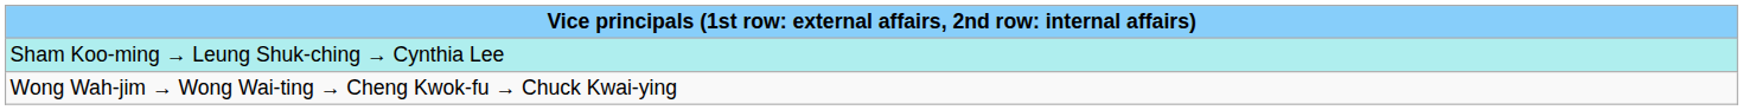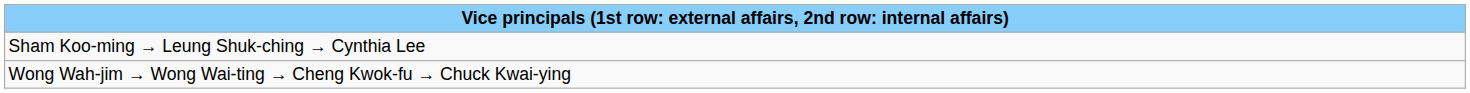 <table class="wikitable" width="67%">
 <tr style="background:#87CEFA; color:black" align=center>
 <td style="width:4%"><strong>Vice principals (1st row: external affairs, 2nd row: internal affairs)</strong></td>
 </tr>
 <tr>
-<td style="background: paleturquoise;">Sham Koo-ming  →  Leung Shuk-ching  →  Cynthia Lee</td>
+<td>Sham Koo-ming  →  Leung Shuk-ching  →  Cynthia Lee</td>
 </tr>
 <tr>
 <td>Wong Wah-jim  →  Wong Wai-ting  →  Cheng Kwok-fu  →  Chuck Kwai-ying</td>
 </tr>
 </table>
